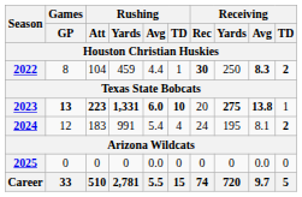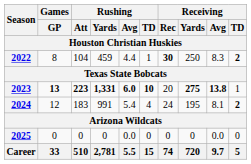 <table class="wikitable" style="text-align:center;">
 <tr>
 <th rowspan="2">Season</th>
 <th>Games</th>
 <th colspan="4">Rushing</th>
 <th colspan="4">Receiving</th>
 </tr>
 <tr>
 <th>GP</th>
 <th>Att</th>
 <th>Yards</th>
 <th>Avg</th>
 <th>TD</th>
 <th>Rec</th>
 <th>Yards</th>
 <th>Avg</th>
 <th>TD</th>
 </tr>
 <tr>
 <th colspan="12">Houston Christian Huskies</th>
 </tr>
 <tr>
 <th><a href='#'>2022</a></th>
 <td>8</td>
 <td>104</td>
 <td>459</td>
 <td>4.4</td>
 <td>1</td>
 <td><strong>30</strong></td>
 <td>250</td>
-<td><strong>8.3</strong></td>
+<td>8.3</td>
 <td><strong>2</strong></td>
 </tr>
 <tr>
 <th colspan="12">Texas State Bobcats</th>
 </tr>
 <tr>
 <th><a href='#'>2023</a></th>
 <td><strong>13</strong></td>
 <td><strong>223</strong></td>
 <td><strong>1,331</strong></td>
 <td><strong>6.0</strong></td>
 <td><strong>10</strong></td>
 <td>20</td>
 <td><strong>275</strong></td>
 <td><strong>13.8</strong></td>
 <td>1</td>
 </tr>
 <tr>
 <th><a href='#'>2024</a></th>
 <td>12</td>
 <td>183</td>
 <td>991</td>
 <td>5.4</td>
 <td>4</td>
 <td>24</td>
 <td>195</td>
 <td>8.1</td>
 <td><strong>2</strong></td>
 </tr>
 <tr>
 <th colspan="12">Arizona Wildcats</th>
 </tr>
 <tr>
 <th><a href='#'>2025</a></th>
 <td>0</td>
 <td>0</td>
 <td>0</td>
 <td>0.0</td>
 <td>0</td>
 <td>0</td>
 <td>0</td>
 <td>0.0</td>
 <td>0</td>
 </tr>
 <tr>
 <th>Career</th>
 <th>33</th>
 <th>510</th>
 <th>2,781</th>
 <th>5.5</th>
 <th>15</th>
 <th>74</th>
 <th>720</th>
 <th>9.7</th>
 <th>5</th>
 </tr>
 </table>
